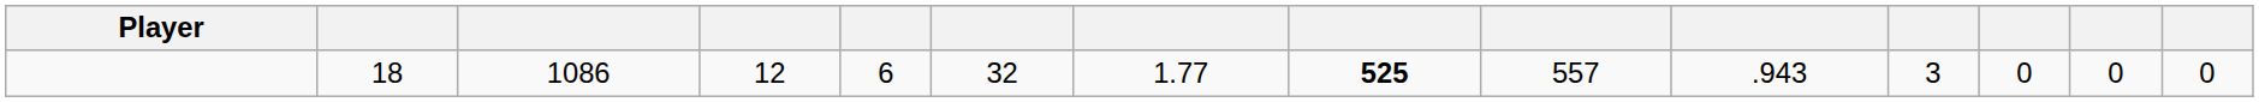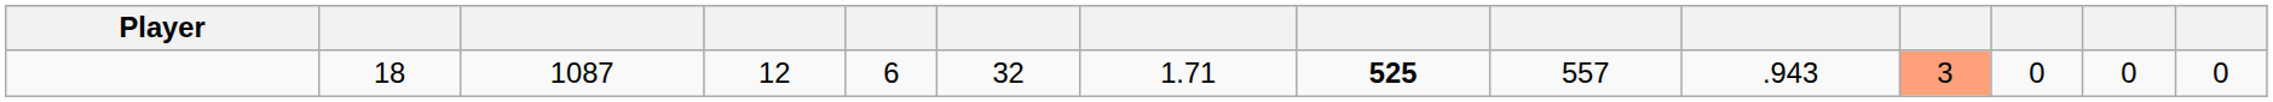 <table class="wikitable sortable" style="width:100%;">
 <tr style="text-align:center; background:#ddd;">
 <th>Player</th>
 <th></th>
 <th></th>
 <th></th>
 <th></th>
 <th></th>
 <th></th>
 <th></th>
 <th></th>
 <th></th>
 <th></th>
 <th></th>
 <th></th>
 <th></th>
 </tr>
 <tr align=center>
 <td style=white-space:nowrap></td>
 <td>18</td>
-<td>1086</td>
+<td>1087</td>
 <td>12</td>
 <td>6</td>
 <td>32</td>
-<td>1.77</td>
+<td>1.71</td>
 <td><strong>525</strong></td>
 <td>557</td>
 <td>.943</td>
-<td>3</td>
+<td style="background: lightsalmon;">3</td>
 <td>0</td>
 <td>0</td>
 <td>0</td>
 </tr>
 </table>
